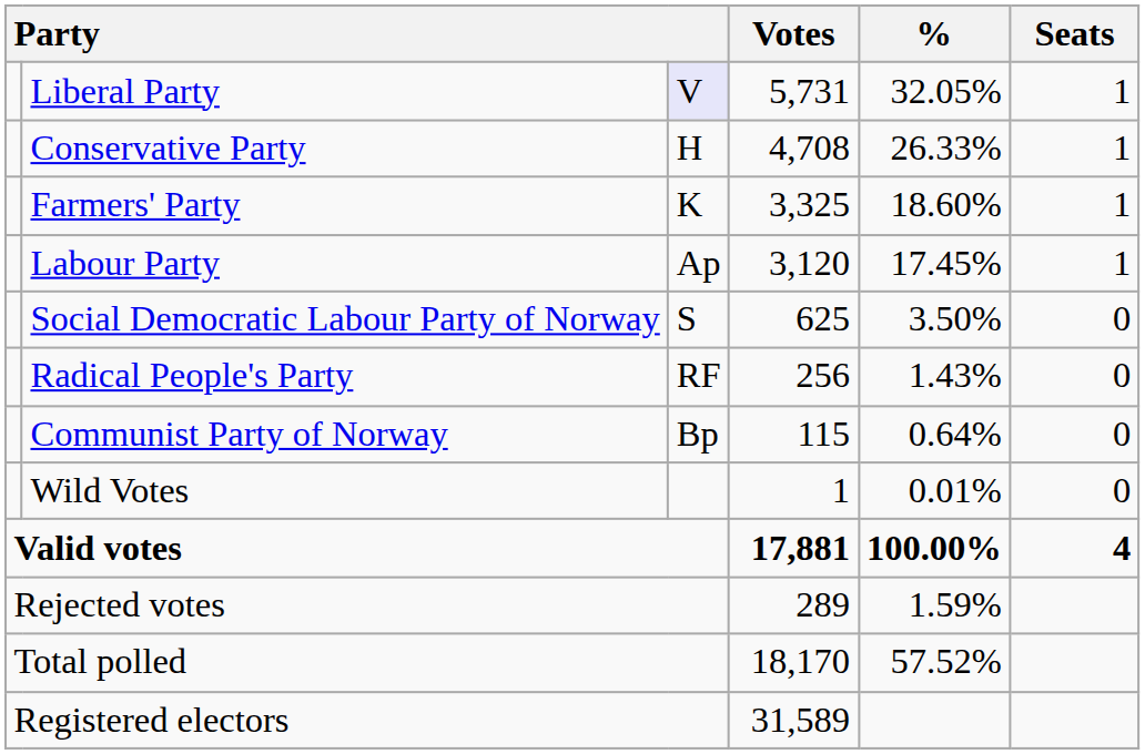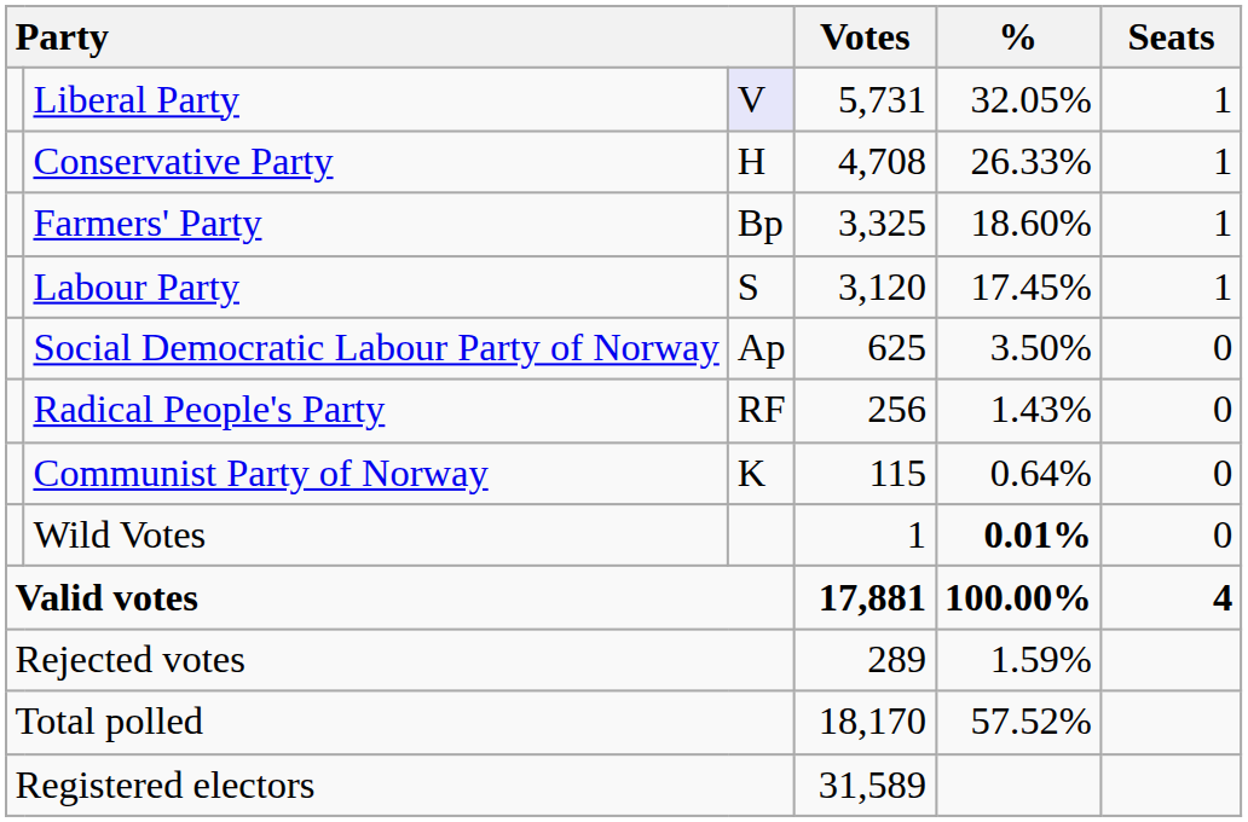 <table class="wikitable" border="1" style="text-align:right;">
 <tr>
 <th style="text-align:left;" colspan=3>Party</th>
 <th align=center width="50">Votes</th>
 <th align=center width="50">%</th>
 <th align=center width="50">Seats</th>
 </tr>
 <tr>
 <td style="color:inherit;background:"></td>
 <td align=left><a href='#'>Liberal Party</a></td>
 <td align=left style="background: lavender;">V</td>
 <td>5,731</td>
 <td>32.05%</td>
 <td>1</td>
 </tr>
 <tr>
 <td style="color:inherit;background:"></td>
 <td align=left><a href='#'>Conservative Party</a></td>
 <td align=left>H</td>
 <td>4,708</td>
 <td>26.33%</td>
 <td>1</td>
 </tr>
 <tr>
 <td style="color:inherit;background:"></td>
 <td align=left><a href='#'>Farmers' Party</a></td>
-<td align=left>K</td>
+<td align=left>Bp</td>
 <td>3,325</td>
 <td>18.60%</td>
 <td>1</td>
 </tr>
 <tr>
 <td style="color:inherit;background:"></td>
 <td align=left><a href='#'>Labour Party</a></td>
-<td align=left>Ap</td>
+<td align=left>S</td>
 <td>3,120</td>
 <td>17.45%</td>
 <td>1</td>
 </tr>
 <tr>
 <td style="color:inherit;background:"></td>
 <td align=left><a href='#'>Social Democratic Labour Party of Norway</a></td>
-<td align=left>S</td>
+<td align=left>Ap</td>
 <td>625</td>
 <td>3.50%</td>
 <td>0</td>
 </tr>
 <tr>
 <td></td>
 <td align=left><a href='#'>Radical People's Party</a></td>
 <td align=left>RF</td>
 <td>256</td>
 <td>1.43%</td>
 <td>0</td>
 </tr>
 <tr>
 <td style="color:inherit;background:"></td>
 <td align=left><a href='#'>Communist Party of Norway</a></td>
-<td align=left>Bp</td>
+<td align=left>K</td>
 <td>115</td>
 <td>0.64%</td>
 <td>0</td>
 </tr>
 <tr>
 <td></td>
 <td align=left>Wild Votes</td>
 <td align=left></td>
 <td>1</td>
-<td>0.01%</td>
+<td><strong>0.01%</strong></td>
 <td>0</td>
 </tr>
 <tr style="font-weight:bold">
 <td align=left colspan=3>Valid votes</td>
 <td>17,881</td>
 <td>100.00%</td>
 <td>4</td>
 </tr>
 <tr>
 <td align=left colspan=3>Rejected votes</td>
 <td>289</td>
 <td>1.59%</td>
 <td></td>
 </tr>
 <tr>
 <td align=left colspan=3>Total polled</td>
 <td>18,170</td>
 <td>57.52%</td>
 <td></td>
 </tr>
 <tr>
 <td align=left colspan=3>Registered electors</td>
 <td>31,589</td>
 <td></td>
 <td></td>
 </tr>
 </table>
